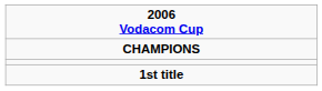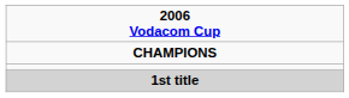 <table class="wikitable" style="text-align: center; margin: 0 auto; width: 20%">
 <tr>
 <td><strong>2006</strong> <br> <strong><a href='#'>Vodacom Cup</a></strong></td>
 </tr>
 <tr>
 <td><strong>CHAMPIONS</strong></td>
 </tr>
 <tr>
 <td><strong></strong></td>
 </tr>
 <tr>
-<td><strong>1st title</strong></td>
+<td style="background: lightgrey;"><strong>1st title</strong></td>
 </tr>
 </table>
